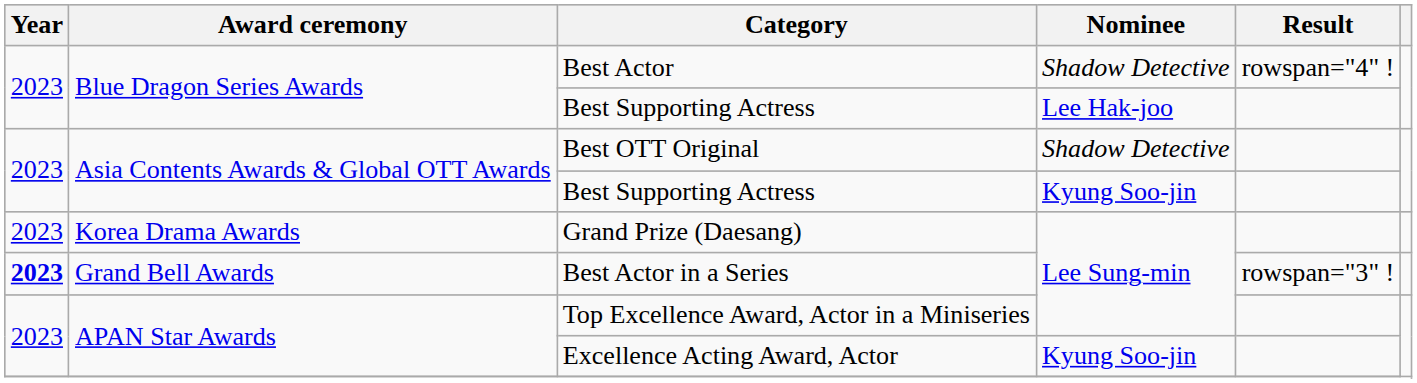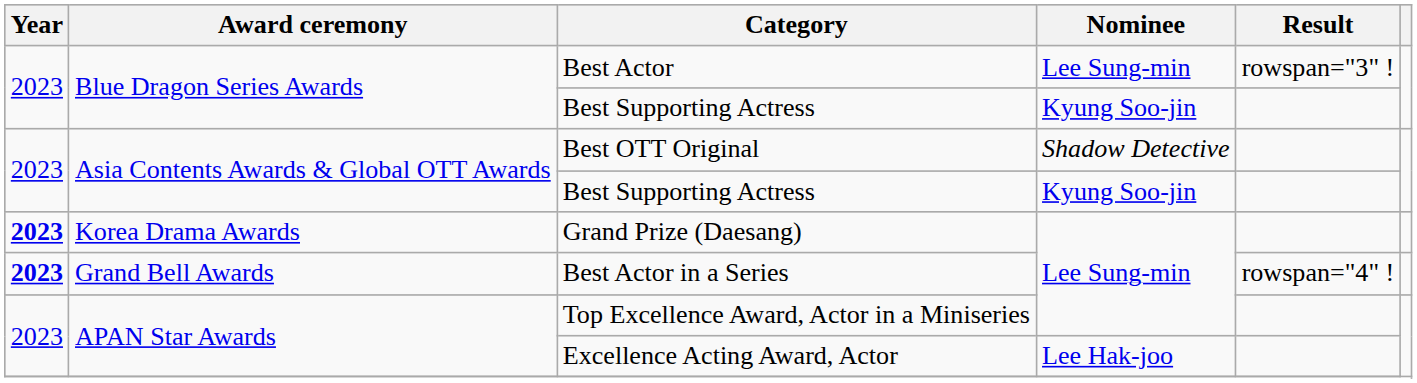 <table class="wikitable plainrowheaders sortable">
 <tr>
 <th scope="col">Year</th>
 <th scope="col">Award ceremony </th>
 <th scope="col">Category </th>
 <th scope="col">Nominee</th>
 <th scope="col">Result</th>
 <th scope="col" class="unsortable"></th>
 </tr>
 <tr>
 <td rowspan="2" ! style="text-align:center"><a href='#'>2023</a></td>
 <td rowspan="2" ! scope="row"><a href='#'>Blue Dragon Series Awards</a></td>
 <td>Best Actor</td>
-<td><em>Shadow Detective</em></td>
-<td>rowspan="4" ! </td>
+<td><a href='#'>Lee Sung-min</a></td>
+<td>rowspan="3" ! </td>
 <td rowspan="2" ! style="text-align:center"></td>
 </tr>
 <tr>
 <td>Best Supporting Actress</td>
-<td><a href='#'>Lee Hak-joo</a></td>
+<td><a href='#'>Kyung Soo-jin</a></td>
 </tr>
 <tr>
 <td rowspan="2" ! style="text-align:center"><a href='#'>2023</a></td>
 <td rowspan="2" ! scope="row"><a href='#'>Asia Contents Awards & Global OTT Awards</a></td>
 <td>Best OTT Original</td>
 <td><em>Shadow Detective</em></td>
 <td style="text-align:center;"></td>
 </tr>
 <tr>
 <td>Best Supporting Actress</td>
 <td><a href='#'>Kyung Soo-jin</a></td>
 <td style="text-align:center"></td>
 </tr>
 <tr>
-<td style="text-align:center"><a href='#'>2023</a></td>
+<td style="text-align:center"><strong><a href='#'>2023</a></strong></td>
 <td scope="row"><a href='#'>Korea Drama Awards</a></td>
 <td>Grand Prize (Daesang)</td>
 <td rowspan="3"><a href='#'>Lee Sung-min</a></td>
 <td></td>
 <td style="text-align:center"></td>
 </tr>
 <tr>
 <td style="text-align:center"><strong><a href='#'>2023</a></strong></td>
 <td scope="row"><a href='#'>Grand Bell Awards</a></td>
 <td>Best Actor in a Series</td>
-<td>rowspan="3" ! </td>
+<td>rowspan="4" ! </td>
 <td style="text-align:center"></td>
 </tr>
 <tr>
 <td rowspan="2" ! style="text-align:center"><a href='#'>2023</a></td>
 <td rowspan="2" ! scope="row"><a href='#'>APAN Star Awards</a></td>
 <td>Top Excellence Award, Actor in a Miniseries</td>
 <td style="text-align:center"></td>
 </tr>
 <tr>
 <td>Excellence Acting Award, Actor</td>
-<td><a href='#'>Kyung Soo-jin</a></td>
+<td><a href='#'>Lee Hak-joo</a></td>
 <td style="text-align:center"></td>
 </tr>
 <tr>
 </tr>
 </table>
